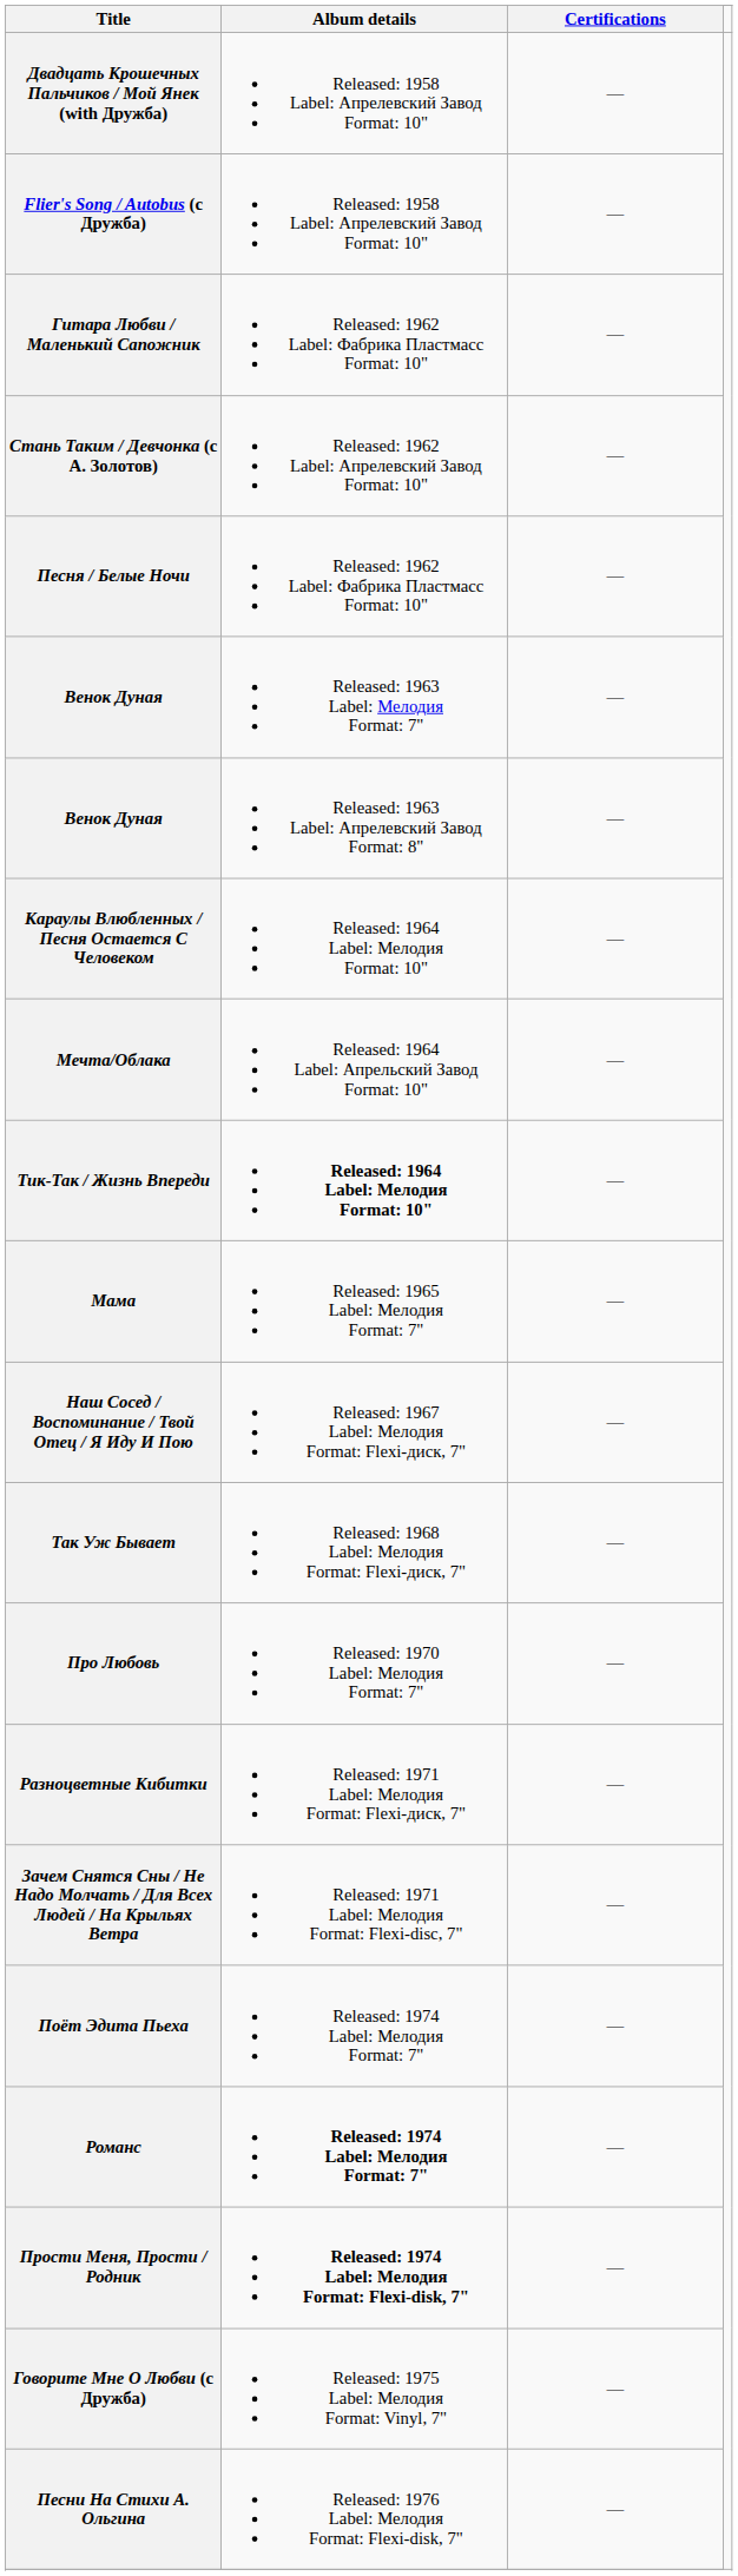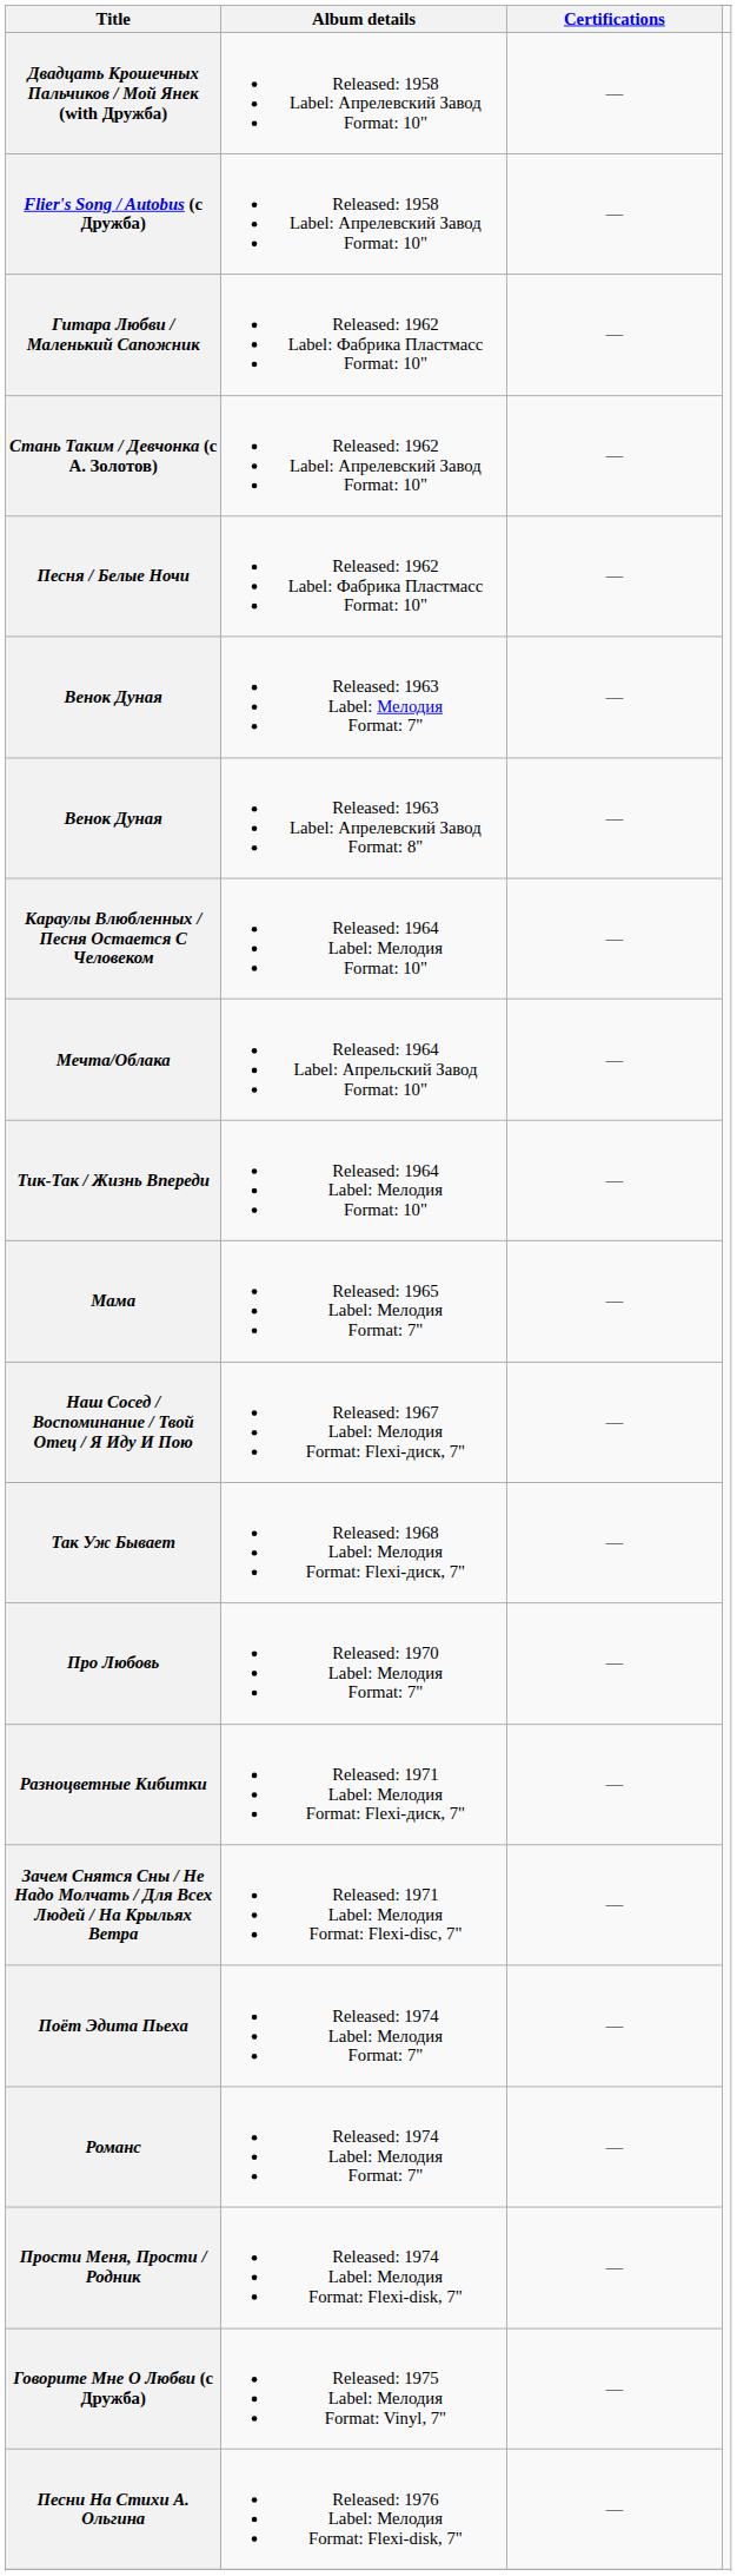 <table class="wikitable plainrowheaders" style="text-align:center;">
 <tr>
 <th scope="col" rowspan="2" style="width:12em;">Title</th>
 <th scope="col" rowspan="2" style="width:16em;">Album details</th>
 <th scope="col" rowspan="2" style="width:12em;"><a href='#'>Certifications</a></th>
 </tr>
 <tr>
 <td></td>
 </tr>
 <tr>
 <th scope="row"><em>Двадцать Крошечных Пальчиков / Мой Янек</em> (with Дружба)</th>
 <td><br><ul><li>Released: 1958</li><li>Label: Апрелевский Завод</li><li>Format: 10"</li></ul></td>
 <td>—</td>
 </tr>
 <tr>
 <th scope="row"><em><a href='#'>Flier's Song / Autobus</a></em> (с Дружба)</th>
 <td><br><ul><li>Released: 1958</li><li>Label: Апрелевский Завод</li><li>Format: 10"</li></ul></td>
 <td>—</td>
 </tr>
 <tr>
 <th scope="row"><em>Гитара Любви / Маленький Сапожник</em></th>
 <td><br><ul><li>Released: 1962</li><li>Label: Фабрика Пластмасс</li><li>Format: 10"</li></ul></td>
 <td>—</td>
 </tr>
 <tr>
 <th scope="row"><em>Стань Таким / Девчонка</em> (с А. Золотов)</th>
 <td><br><ul><li>Released: 1962</li><li>Label: Апрелевский Завод</li><li>Format: 10"</li></ul></td>
 <td>—</td>
 </tr>
 <tr>
 <th scope="row"><em>Песня / Белые Ночи</em></th>
 <td><br><ul><li>Released: 1962</li><li>Label: Фабрика Пластмасс</li><li>Format: 10"</li></ul></td>
 <td>—</td>
 </tr>
 <tr>
 <th scope="row"><em>Венок Дуная</em></th>
 <td><br><ul><li>Released: 1963</li><li>Label: <a href='#'>Мелодия</a></li><li>Format: 7"</li></ul></td>
 <td>—</td>
 </tr>
 <tr>
 <th scope="row"><em>Венок Дуная</em></th>
 <td><br><ul><li>Released: 1963</li><li>Label: Апрелевский Завод</li><li>Format: 8"</li></ul></td>
 <td>—</td>
 </tr>
 <tr>
 <th scope="row"><em>Караулы Влюбленных / Песня Остается С Человеком</em></th>
 <td><br><ul><li>Released: 1964</li><li>Label: Мелодия</li><li>Format: 10"</li></ul></td>
 <td>—</td>
 </tr>
 <tr>
 <th scope="row"><em>Мечта/Облака</em></th>
 <td><br><ul><li>Released: 1964</li><li>Label: Апрельский Завод</li><li>Format: 10"</li></ul></td>
 <td>—</td>
 </tr>
 <tr>
 <th scope="row"><em>Тик-Так / Жизнь Впереди</em></th>
-<td><strong><br><ul><li>Released: 1964</li><li>Label: Мелодия</li><li>Format: 10"</li></ul></strong></td>
+<td><br><ul><li>Released: 1964</li><li>Label: Мелодия</li><li>Format: 10"</li></ul></td>
 <td>—</td>
 </tr>
 <tr>
 <th scope="row"><em>Мама</em></th>
 <td><br><ul><li>Released: 1965</li><li>Label: Мелодия</li><li>Format: 7"</li></ul></td>
 <td>—</td>
 </tr>
 <tr>
 <th scope="row"><em>Наш Сосед / Воспоминание / Твой Отец / Я Иду И Пою</em></th>
 <td><br><ul><li>Released: 1967</li><li>Label: Мелодия</li><li>Format: Flexi-диск, 7"</li></ul></td>
 <td>—</td>
 </tr>
 <tr>
 <th scope="row"><em>Так Уж Бывает</em></th>
 <td><br><ul><li>Released: 1968</li><li>Label: Мелодия</li><li>Format: Flexi-диск, 7"</li></ul></td>
 <td>—</td>
 </tr>
 <tr>
 <th scope="row"><em>Про Любовь</em></th>
 <td><br><ul><li>Released: 1970</li><li>Label: Мелодия</li><li>Format: 7"</li></ul></td>
 <td>—</td>
 </tr>
 <tr>
 <th scope="row"><em>Разноцветные Кибитки</em></th>
 <td><br><ul><li>Released: 1971</li><li>Label: Мелодия</li><li>Format: Flexi-диск, 7"</li></ul></td>
 <td>—</td>
 </tr>
 <tr>
 <th scope="row"><em>Зачем Снятся Сны / Не Надо Молчать / Для Всех Людей / На Крыльях Ветра</em></th>
 <td><br><ul><li>Released: 1971</li><li>Label: Мелодия</li><li>Format: Flexi-disc, 7"</li></ul></td>
 <td>—</td>
 </tr>
 <tr>
 <th scope="row"><em>Поёт Эдита Пьеха</em></th>
 <td><br><ul><li>Released: 1974</li><li>Label: Мелодия</li><li>Format: 7"</li></ul></td>
 <td>—</td>
 </tr>
 <tr>
 <th scope="row"><em>Романс</em></th>
-<td><strong><br><ul><li>Released: 1974</li><li>Label: Мелодия</li><li>Format: 7"</li></ul></strong></td>
+<td><br><ul><li>Released: 1974</li><li>Label: Мелодия</li><li>Format: 7"</li></ul></td>
 <td>—</td>
 </tr>
 <tr>
 <th scope="row"><em>Прости Меня, Прости / Родник</em></th>
-<td><strong><br><ul><li>Released: 1974</li><li>Label: Мелодия</li><li>Format: Flexi-disk, 7"</li></ul></strong></td>
+<td><br><ul><li>Released: 1974</li><li>Label: Мелодия</li><li>Format: Flexi-disk, 7"</li></ul></td>
 <td>—</td>
 </tr>
 <tr>
 <th scope="row"><em>Говорите Мне О Любви</em> (с Дружба)</th>
 <td><br><ul><li>Released: 1975</li><li>Label: Мелодия</li><li>Format: Vinyl, 7"</li></ul></td>
 <td>—</td>
 </tr>
 <tr>
 <th scope="row"><em>Песни На Стихи А. Ольгина</em></th>
 <td><br><ul><li>Released: 1976</li><li>Label: Мелодия</li><li>Format: Flexi-disk, 7"</li></ul></td>
 <td>—</td>
 </tr>
 <tr>
 </tr>
 <tr |colspan="14" style="font-size:90%"| "—" denotes a recording that did not chart or was not released in that territory.>
 </tr>
 </table>
